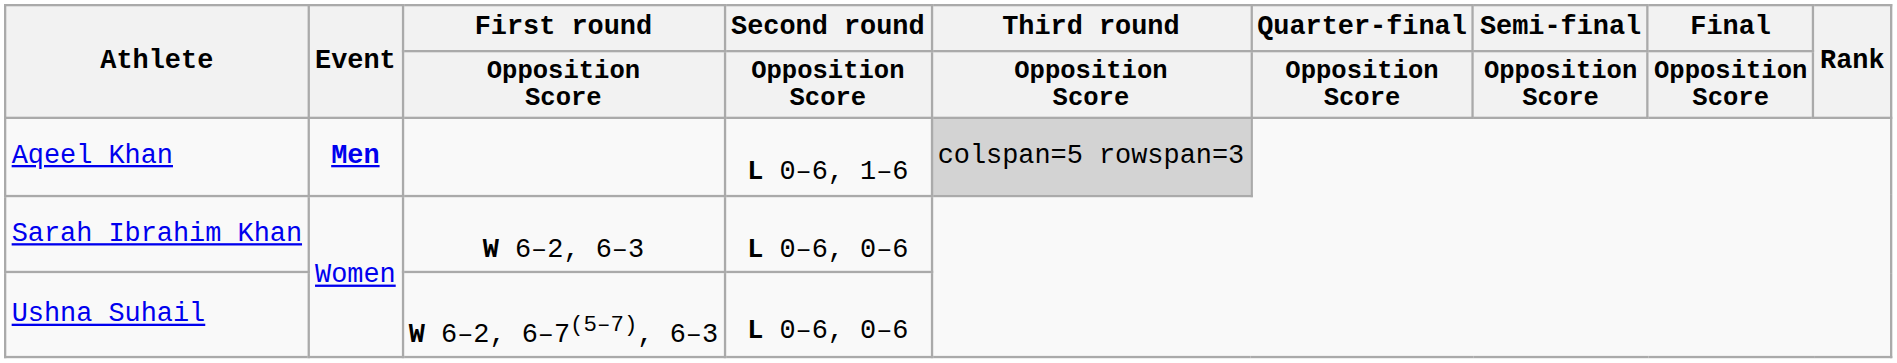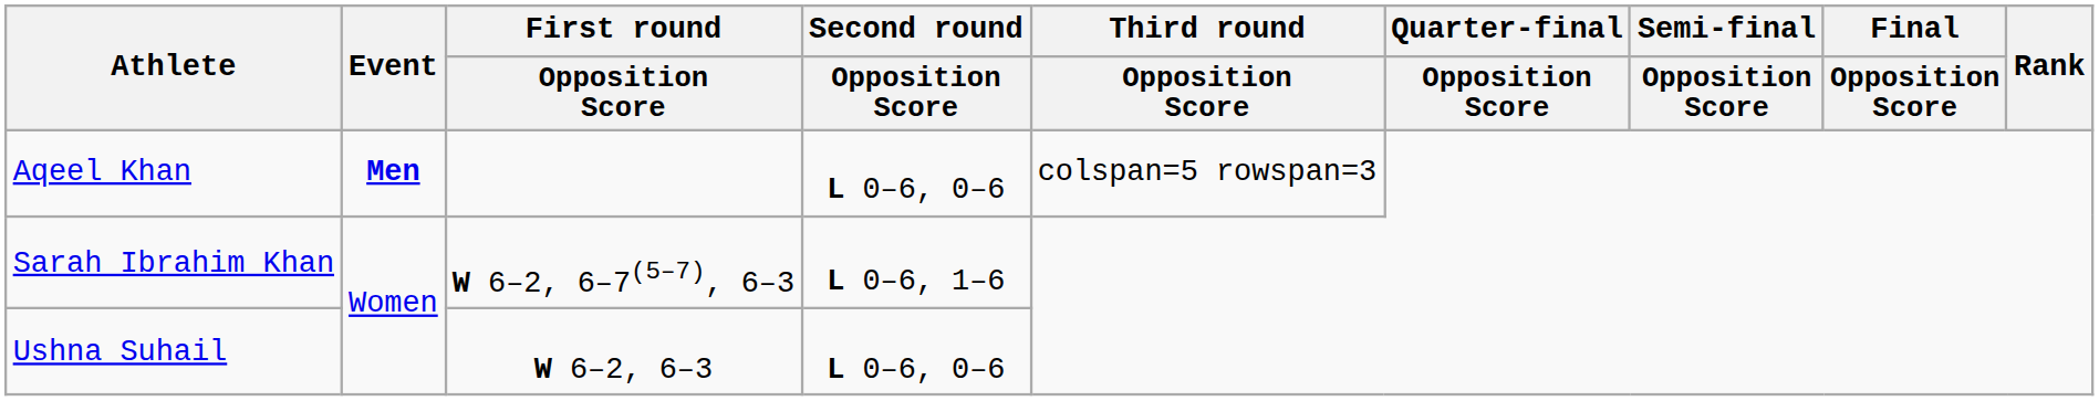 <table class=wikitable style="text-align:center; font-size:90%">
 <tr>
 <th rowspan="2">Athlete</th>
 <th rowspan="2">Event</th>
 <th>First round</th>
 <th>Second round</th>
 <th>Third round</th>
 <th>Quarter-final</th>
 <th>Semi-final</th>
 <th>Final</th>
 <th rowspan="2">Rank</th>
 </tr>
 <tr style="font-size:95%">
 <th>Opposition<br>Score</th>
 <th>Opposition<br>Score</th>
 <th>Opposition<br>Score</th>
 <th>Opposition<br>Score</th>
 <th>Opposition<br>Score</th>
 <th>Opposition<br>Score</th>
 </tr>
 <tr>
 <td align=left><a href='#'>Aqeel Khan</a></td>
 <td><strong><a href='#'>Men</a></strong></td>
 <td></td>
-<td><br> <strong>L</strong> 0–6, 1–6</td>
-<td style="background: lightgrey;">colspan=5 rowspan=3</td>
+<td><br><strong>L</strong> 0–6, 0–6</td>
+<td>colspan=5 rowspan=3</td>
 </tr>
 <tr>
 <td style="text-align:left"><a href='#'>Sarah Ibrahim Khan</a></td>
 <td rowspan="2"><a href='#'>Women</a></td>
+<td><br><strong>W</strong> 6–2, 6–7<sup>(5–7)</sup>, 6–3</td>
+<td><br> <strong>L</strong> 0–6, 1–6</td>
+</tr>
+<tr>
+<td style="text-align:left"><a href='#'>Ushna Suhail</a></td>
 <td><br><strong>W</strong> 6–2, 6–3</td>
 <td><br><strong>L</strong> 0–6, 0–6</td>
 </tr>
-<tr>
-<td style="text-align:left"><a href='#'>Ushna Suhail</a></td>
-<td><br><strong>W</strong> 6–2, 6–7<sup>(5–7)</sup>, 6–3</td>
-<td><br><strong>L</strong> 0–6, 0–6</td>
-</tr>
 </table>
